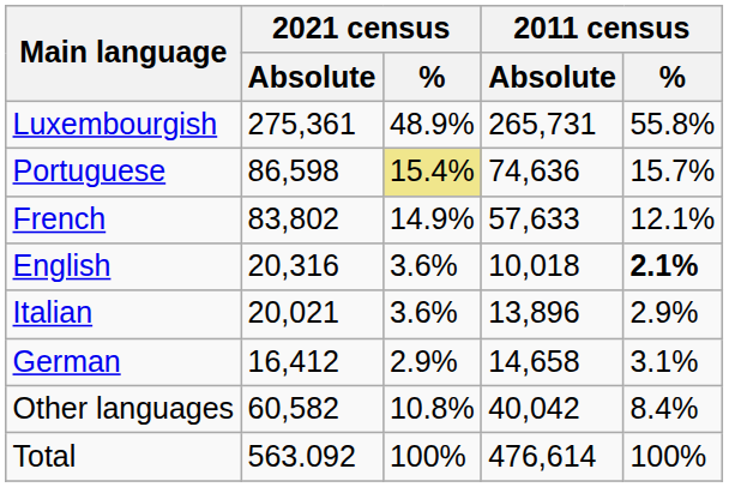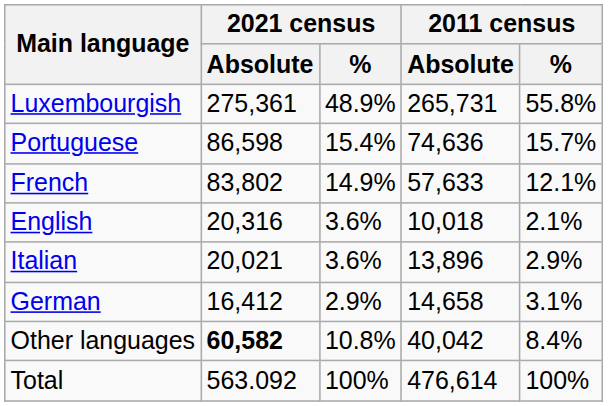 <table class="wikitable">
 <tr>
 <th rowspan="2">Main language</th>
 <th colspan="2">2021 census</th>
 <th colspan="2">2011 census</th>
 </tr>
 <tr>
 <th>Absolute</th>
 <th>%</th>
 <th>Absolute</th>
 <th>%</th>
 </tr>
 <tr>
 <td><a href='#'>Luxembourgish</a></td>
 <td>275,361</td>
 <td>48.9%</td>
 <td>265,731</td>
 <td>55.8%</td>
 </tr>
 <tr>
 <td><a href='#'>Portuguese</a></td>
 <td>86,598</td>
-<td style="background: khaki;">15.4%</td>
+<td>15.4%</td>
 <td>74,636</td>
 <td>15.7%</td>
 </tr>
 <tr>
 <td><a href='#'>French</a></td>
 <td>83,802</td>
 <td>14.9%</td>
 <td>57,633</td>
 <td>12.1%</td>
 </tr>
 <tr>
 <td><a href='#'>English</a></td>
 <td>20,316</td>
 <td>3.6%</td>
 <td>10,018</td>
-<td><strong>2.1%</strong></td>
+<td>2.1%</td>
 </tr>
 <tr>
 <td><a href='#'>Italian</a></td>
 <td>20,021</td>
 <td>3.6%</td>
 <td>13,896</td>
 <td>2.9%</td>
 </tr>
 <tr>
 <td><a href='#'>German</a></td>
 <td>16,412</td>
 <td>2.9%</td>
 <td>14,658</td>
 <td>3.1%</td>
 </tr>
 <tr>
 <td>Other languages</td>
-<td>60,582</td>
+<td><strong>60,582</strong></td>
 <td>10.8%</td>
 <td>40,042</td>
 <td>8.4%</td>
 </tr>
 <tr>
 <td>Total</td>
 <td>563.092</td>
 <td>100%</td>
 <td>476,614</td>
 <td>100%</td>
 </tr>
 </table>
